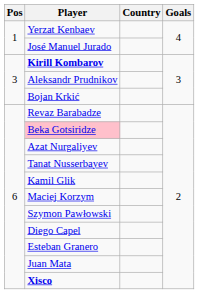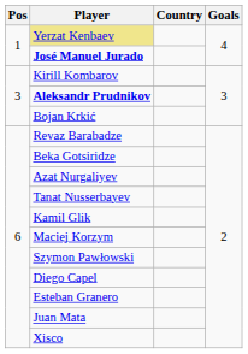 <table class="wikitable" style="text-align: left;">
 <tr>
 <th>Pos</th>
 <th>Player</th>
 <th>Country</th>
 <th>Goals</th>
 </tr>
 <tr>
 <td rowspan="2" align=center>1</td>
-<td><a href='#'>Yerzat Kenbaev</a></td>
+<td style="background: khaki;"><a href='#'>Yerzat Kenbaev</a></td>
 <td></td>
 <td rowspan="2" align=center>4</td>
 </tr>
 <tr>
-<td><a href='#'>José Manuel Jurado</a></td>
+<td><strong><a href='#'>José Manuel Jurado</a></strong></td>
 <td></td>
 </tr>
 <tr>
 <td rowspan="3" align=center>3</td>
-<td><strong><a href='#'>Kirill Kombarov</a></strong></td>
+<td><a href='#'>Kirill Kombarov</a></td>
 <td></td>
 <td rowspan="3" align=center>3</td>
 </tr>
 <tr>
-<td><a href='#'>Aleksandr Prudnikov</a></td>
+<td><strong><a href='#'>Aleksandr Prudnikov</a></strong></td>
 <td></td>
 </tr>
 <tr>
 <td><a href='#'>Bojan Krkić</a></td>
 <td></td>
 </tr>
 <tr>
 <td rowspan="11" align=center>6</td>
 <td><a href='#'>Revaz Barabadze</a></td>
 <td></td>
 <td rowspan="11" align=center>2</td>
 </tr>
 <tr>
-<td style="background: pink;"><a href='#'>Beka Gotsiridze</a></td>
+<td><a href='#'>Beka Gotsiridze</a></td>
 <td></td>
 </tr>
 <tr>
 <td><a href='#'>Azat Nurgaliyev</a></td>
 <td></td>
 </tr>
 <tr>
 <td><a href='#'>Tanat Nusserbayev</a></td>
 <td></td>
 </tr>
 <tr>
 <td><a href='#'>Kamil Glik</a></td>
 <td></td>
 </tr>
 <tr>
 <td><a href='#'>Maciej Korzym</a></td>
 <td></td>
 </tr>
 <tr>
 <td><a href='#'>Szymon Pawłowski</a></td>
 <td></td>
 </tr>
 <tr>
 <td><a href='#'>Diego Capel</a></td>
 <td></td>
 </tr>
 <tr>
 <td><a href='#'>Esteban Granero</a></td>
 <td></td>
 </tr>
 <tr>
 <td><a href='#'>Juan Mata</a></td>
 <td></td>
 </tr>
 <tr>
-<td><strong><a href='#'>Xisco</a></strong></td>
+<td><a href='#'>Xisco</a></td>
 <td></td>
 </tr>
 </table>
